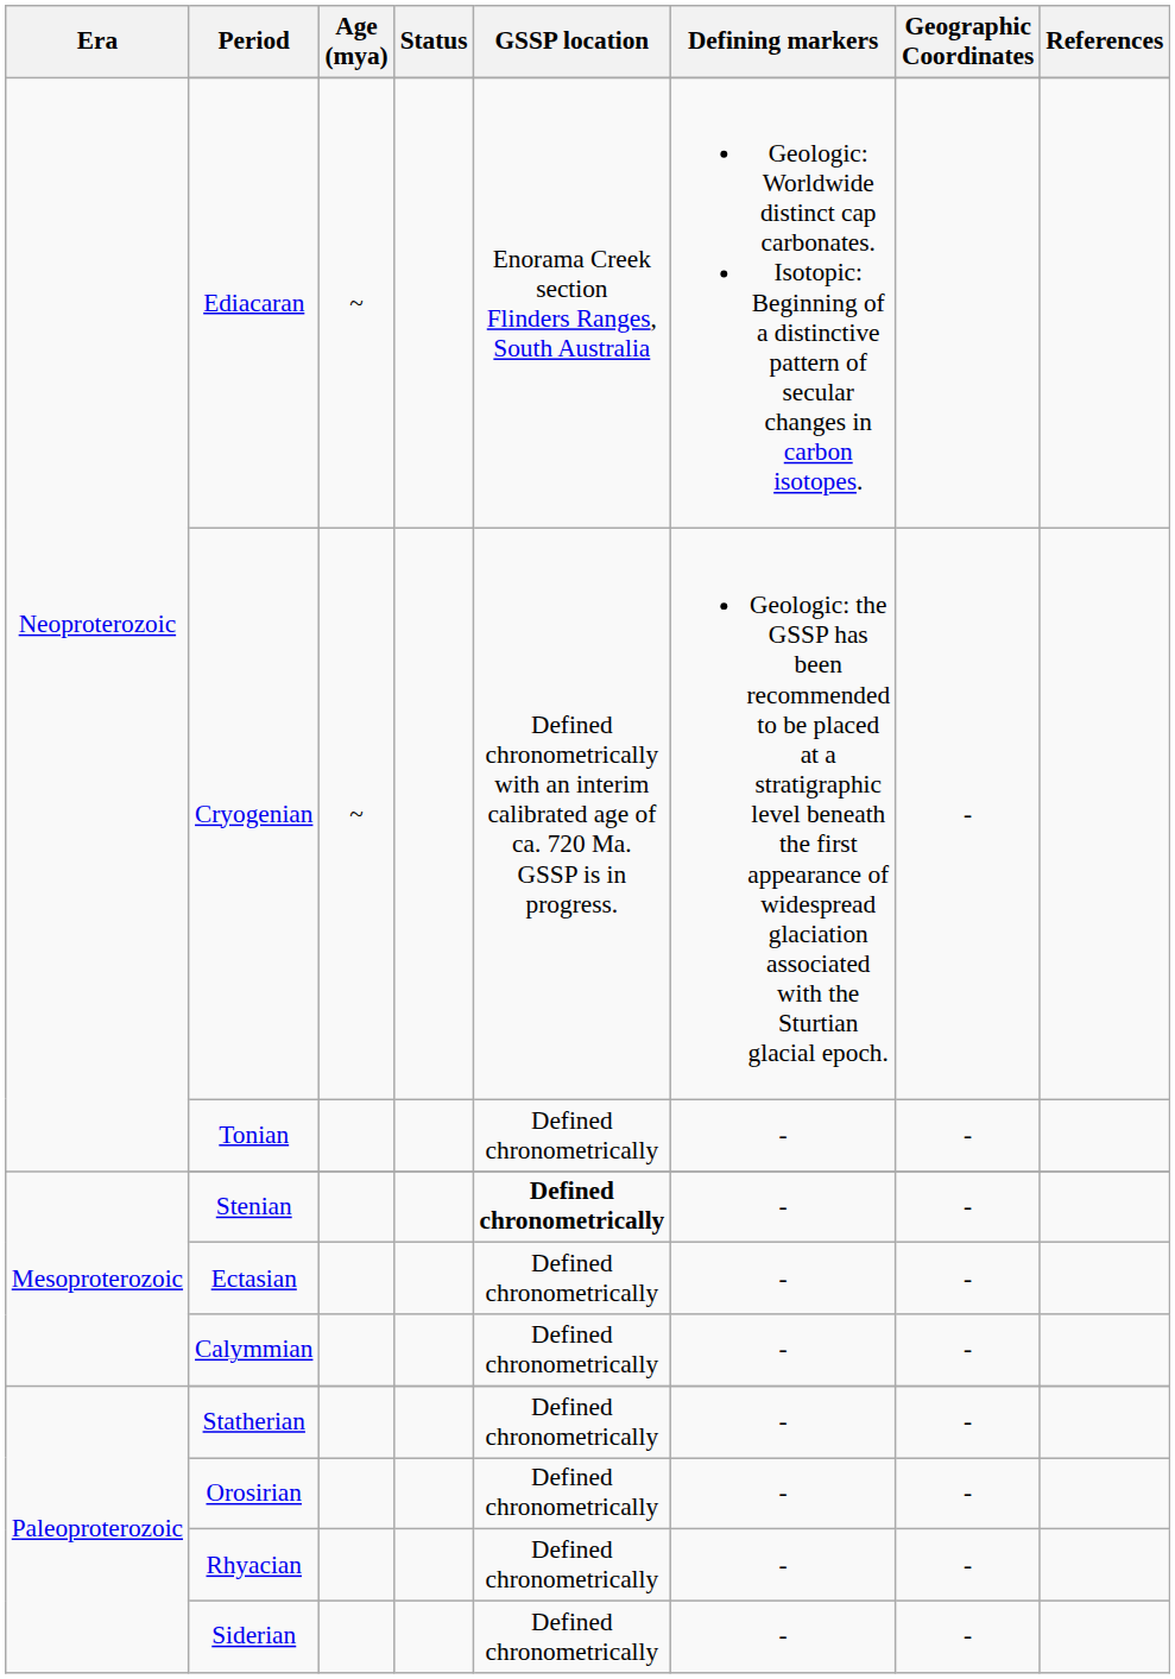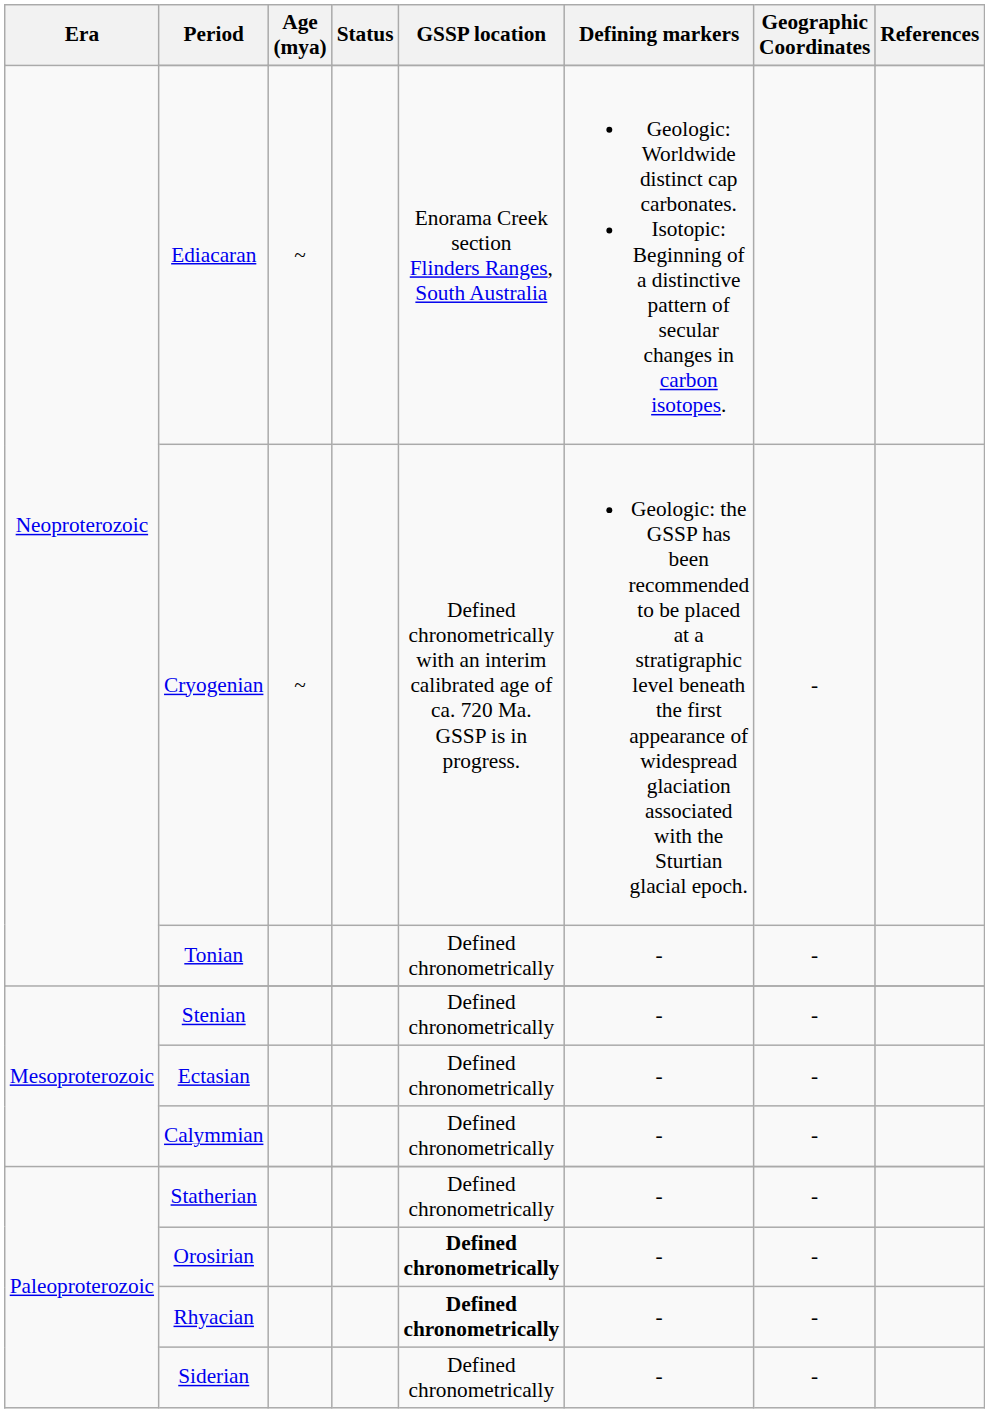 <table class="wikitable"  style="font-size:90%; width:90%; text-align:center;">
 <tr>
 <th style="width:75px;">Era</th>
 <th style="width:75px;">Period</th>
 <th style="width:55px;">Age (mya)</th>
 <th style="width:15px;">Status</th>
 <th style="width:200px;">GSSP location</th>
 <th width="">Defining markers</th>
 <th width="">Geographic Coordinates</th>
 <th width="">References</th>
 </tr>
 <tr style="background:">
 <td rowspan="4"><a href='#'>Neoproterozoic</a></td>
 </tr>
 <tr style="background:">
 <td><a href='#'>Ediacaran</a></td>
 <td>~</td>
 <td></td>
 <td>Enorama Creek section<br><a href='#'>Flinders Ranges</a>, <a href='#'>South Australia</a></td>
 <td><br><ul><li>Geologic: Worldwide distinct cap carbonates.</li><li>Isotopic: Beginning of a distinctive pattern of secular changes in <a href='#'>carbon isotopes</a>.</li></ul></td>
 <td></td>
 <td></td>
 </tr>
 <tr style="background:">
 <td><a href='#'>Cryogenian</a></td>
 <td>~</td>
 <td></td>
 <td>Defined chronometrically with an interim calibrated age of ca. 720 Ma. GSSP is in progress.</td>
 <td><br><ul><li>Geologic: the GSSP has been recommended to be placed at a stratigraphic level beneath the first appearance of widespread glaciation associated with the Sturtian glacial epoch.</li></ul></td>
 <td>-</td>
 <td></td>
 </tr>
 <tr style="background:">
 <td><a href='#'>Tonian</a></td>
 <td></td>
 <td></td>
 <td>Defined chronometrically</td>
 <td>-</td>
 <td>-</td>
 <td></td>
 </tr>
 <tr style="background:">
 <td rowspan="4"><a href='#'>Mesoproterozoic</a></td>
 </tr>
 <tr style="background:">
 <td><a href='#'>Stenian</a></td>
 <td></td>
 <td></td>
-<td><strong>Defined chronometrically</strong></td>
+<td>Defined chronometrically</td>
 <td>-</td>
 <td>-</td>
 <td></td>
 </tr>
 <tr style="background:">
 <td><a href='#'>Ectasian</a></td>
 <td></td>
 <td></td>
 <td>Defined chronometrically</td>
 <td>-</td>
 <td>-</td>
 <td></td>
 </tr>
 <tr style="background:">
 <td><a href='#'>Calymmian</a></td>
 <td></td>
 <td></td>
 <td>Defined chronometrically</td>
 <td>-</td>
 <td>-</td>
 <td></td>
 </tr>
 <tr style="background:">
 <td rowspan="5"><a href='#'>Paleoproterozoic</a></td>
 </tr>
 <tr style="background:">
 <td><a href='#'>Statherian</a></td>
 <td></td>
 <td></td>
 <td>Defined chronometrically</td>
 <td>-</td>
 <td>-</td>
 <td></td>
 </tr>
 <tr style="background:">
 <td><a href='#'>Orosirian</a></td>
 <td></td>
 <td></td>
-<td>Defined chronometrically</td>
+<td><strong>Defined chronometrically</strong></td>
 <td>-</td>
 <td>-</td>
 <td></td>
 </tr>
 <tr style="background:">
 <td><a href='#'>Rhyacian</a></td>
 <td></td>
 <td></td>
-<td>Defined chronometrically</td>
+<td><strong>Defined chronometrically</strong></td>
 <td>-</td>
 <td>-</td>
 <td></td>
 </tr>
 <tr style="background:">
 <td><a href='#'>Siderian</a></td>
 <td></td>
 <td></td>
 <td>Defined chronometrically</td>
 <td>-</td>
 <td>-</td>
 <td></td>
 </tr>
 </table>
